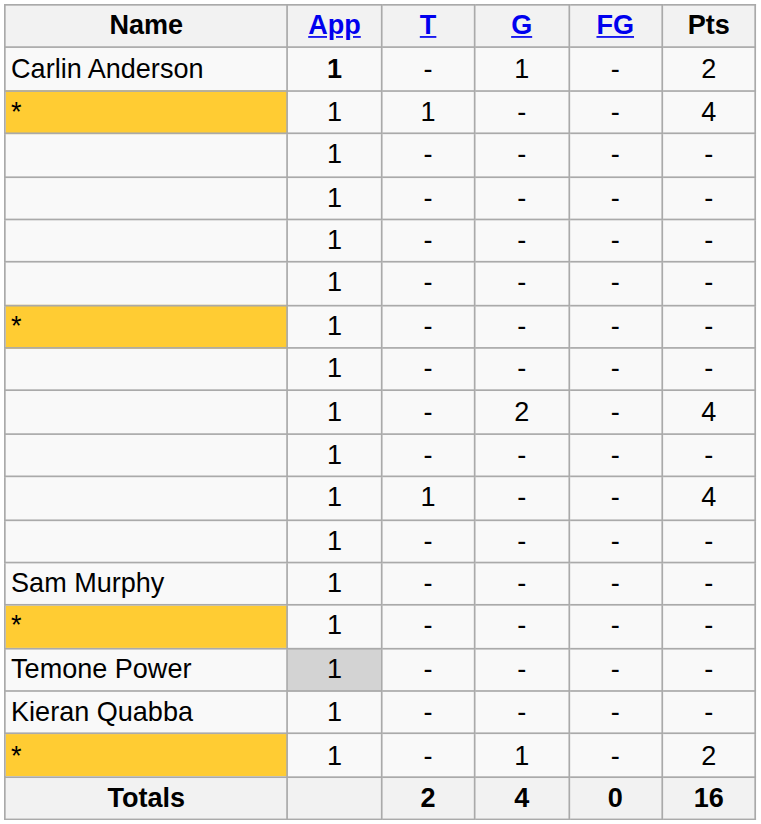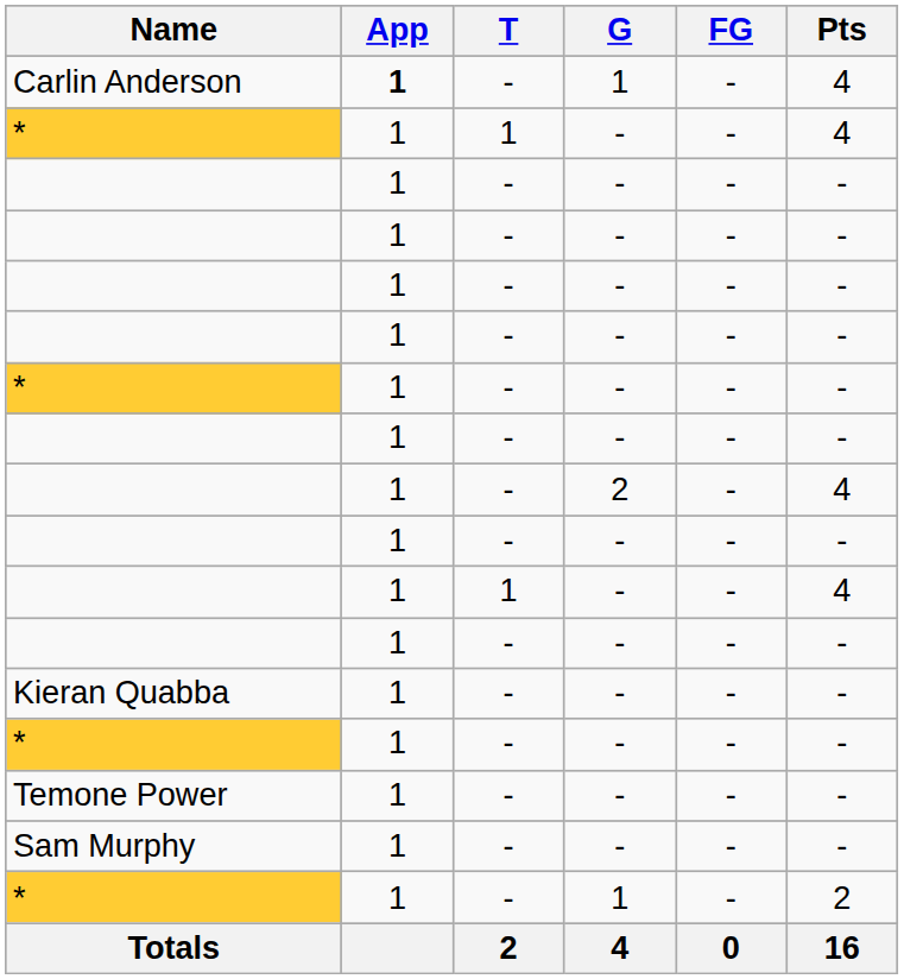 <table class="wikitable sortable" style="text-align: center;">
 <tr>
 <th style="width:10em">Name</th>
 <th style="width:3em"><a href='#'>App</a></th>
 <th style="width:3em"><a href='#'>T</a></th>
 <th style="width:3em"><a href='#'>G</a></th>
 <th style="width:3em"><a href='#'>FG</a></th>
 <th style="width:3em">Pts</th>
 </tr>
 <tr>
 <td style="text-align:left;">Carlin Anderson</td>
 <td><strong>1</strong></td>
 <td>-</td>
 <td>1</td>
 <td>-</td>
-<td>2</td>
+<td>4</td>
 </tr>
 <tr>
 <td style="text-align:left; background:#FC3;">*</td>
 <td>1</td>
 <td>1</td>
 <td>-</td>
 <td>-</td>
 <td>4</td>
 </tr>
 <tr>
 <td style="text-align:left;"></td>
 <td>1</td>
 <td>-</td>
 <td>-</td>
 <td>-</td>
 <td>-</td>
 </tr>
 <tr>
 <td style="text-align:left;"></td>
 <td>1</td>
 <td>-</td>
 <td>-</td>
 <td>-</td>
 <td>-</td>
 </tr>
 <tr>
 <td style="text-align:left;"></td>
 <td>1</td>
 <td>-</td>
 <td>-</td>
 <td>-</td>
 <td>-</td>
 </tr>
 <tr>
 <td style="text-align:left;"></td>
 <td>1</td>
 <td>-</td>
 <td>-</td>
 <td>-</td>
 <td>-</td>
 </tr>
 <tr>
 <td style="text-align:left; background:#FC3;">*</td>
 <td>1</td>
 <td>-</td>
 <td>-</td>
 <td>-</td>
 <td>-</td>
 </tr>
 <tr>
 <td style="text-align:left;"></td>
 <td>1</td>
 <td>-</td>
 <td>-</td>
 <td>-</td>
 <td>-</td>
 </tr>
 <tr>
 <td style="text-align:left;"></td>
 <td>1</td>
 <td>-</td>
 <td>2</td>
 <td>-</td>
 <td>4</td>
 </tr>
 <tr>
 <td style="text-align:left;"></td>
 <td>1</td>
 <td>-</td>
 <td>-</td>
 <td>-</td>
 <td>-</td>
 </tr>
 <tr>
 <td style="text-align:left;"></td>
 <td>1</td>
 <td>1</td>
 <td>-</td>
 <td>-</td>
 <td>4</td>
 </tr>
 <tr>
 <td style="text-align:left;"></td>
 <td>1</td>
 <td>-</td>
 <td>-</td>
 <td>-</td>
 <td>-</td>
 </tr>
 <tr>
-<td style="text-align:left;">Sam Murphy</td>
+<td style="text-align:left;">Kieran Quabba</td>
 <td>1</td>
 <td>-</td>
 <td>-</td>
 <td>-</td>
 <td>-</td>
 </tr>
 <tr>
 <td style="text-align:left; background:#FC3;">*</td>
 <td>1</td>
 <td>-</td>
 <td>-</td>
 <td>-</td>
 <td>-</td>
 </tr>
 <tr>
 <td style="text-align:left;">Temone Power</td>
-<td style="background: lightgrey;">1</td>
+<td>1</td>
 <td>-</td>
 <td>-</td>
 <td>-</td>
 <td>-</td>
 </tr>
 <tr>
-<td style="text-align:left;">Kieran Quabba</td>
+<td style="text-align:left;">Sam Murphy</td>
 <td>1</td>
 <td>-</td>
 <td>-</td>
 <td>-</td>
 <td>-</td>
 </tr>
 <tr>
 <td style="text-align:left; background:#FC3;">*</td>
 <td>1</td>
 <td>-</td>
 <td>1</td>
 <td>-</td>
 <td>2</td>
 </tr>
 <tr class="sortbottom">
 <th>Totals</th>
 <th></th>
 <th>2</th>
 <th>4</th>
 <th>0</th>
 <th>16</th>
 </tr>
 </table>
